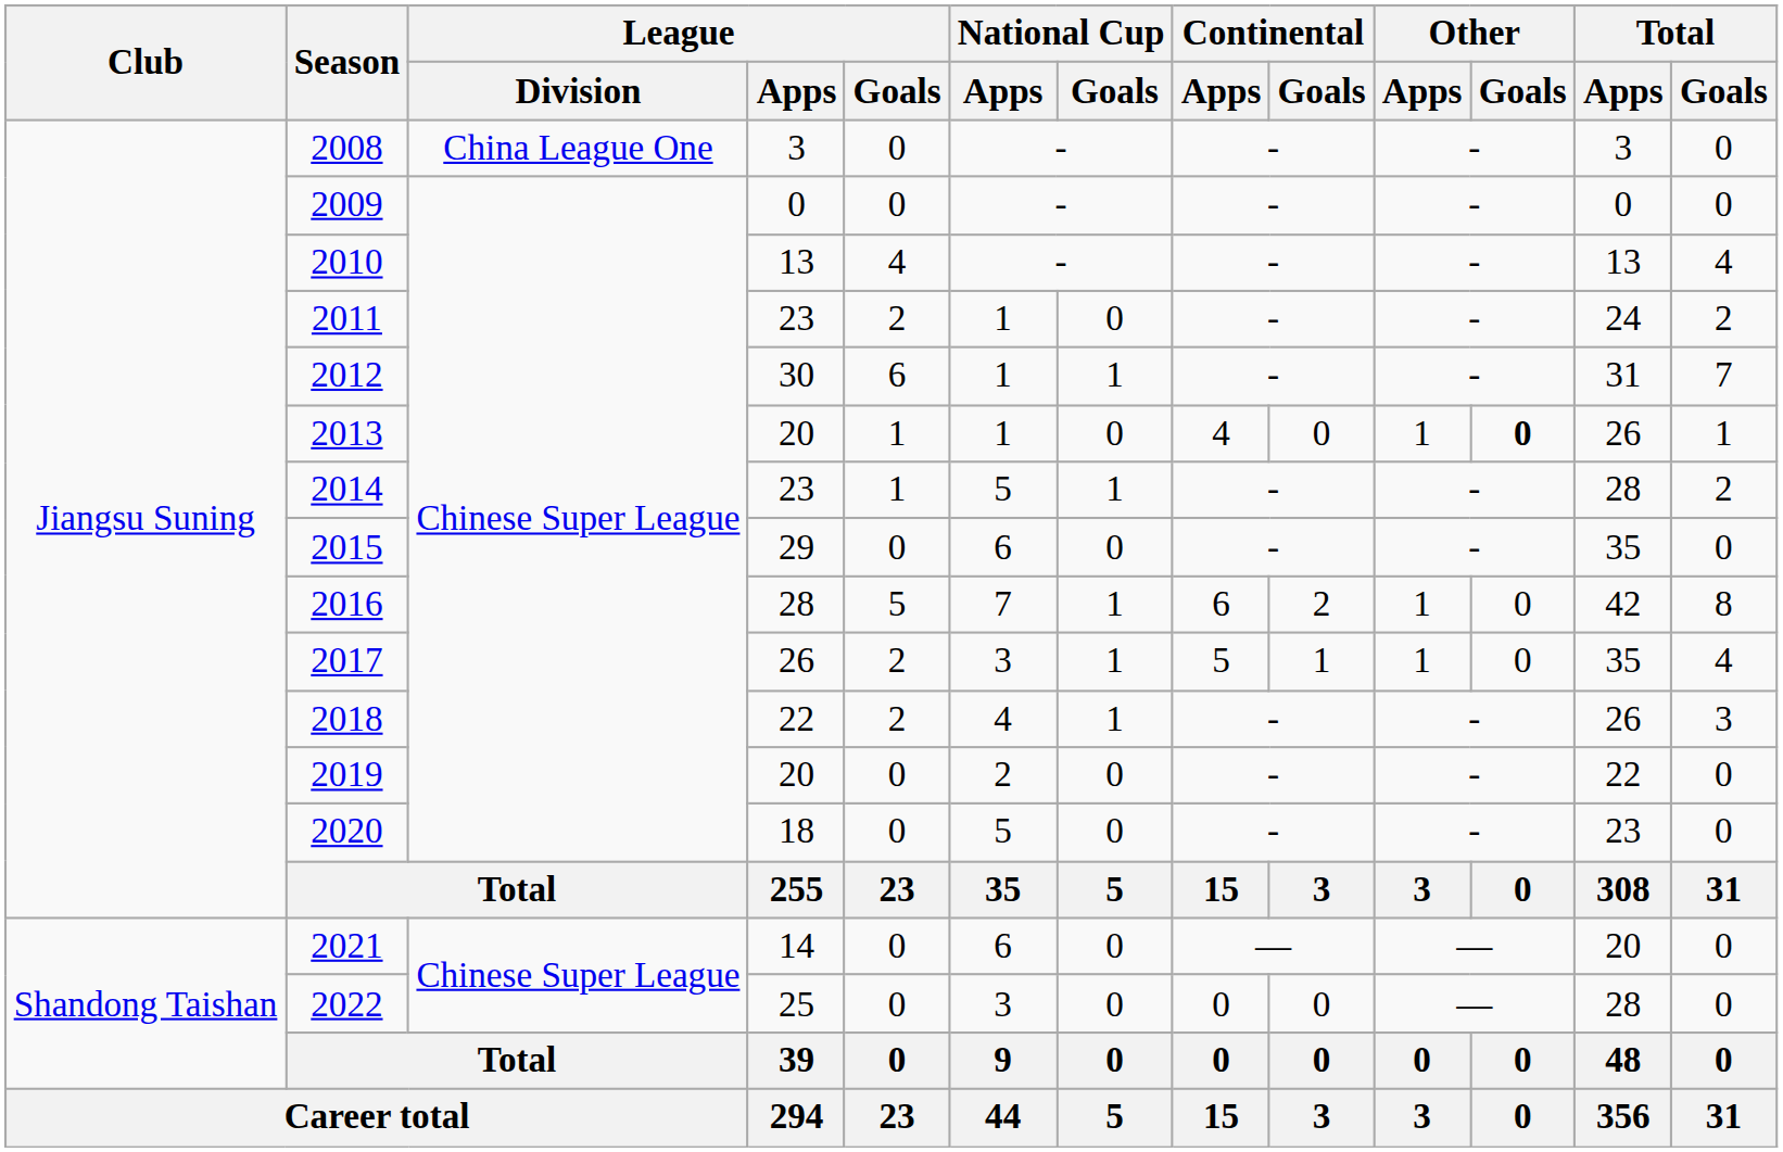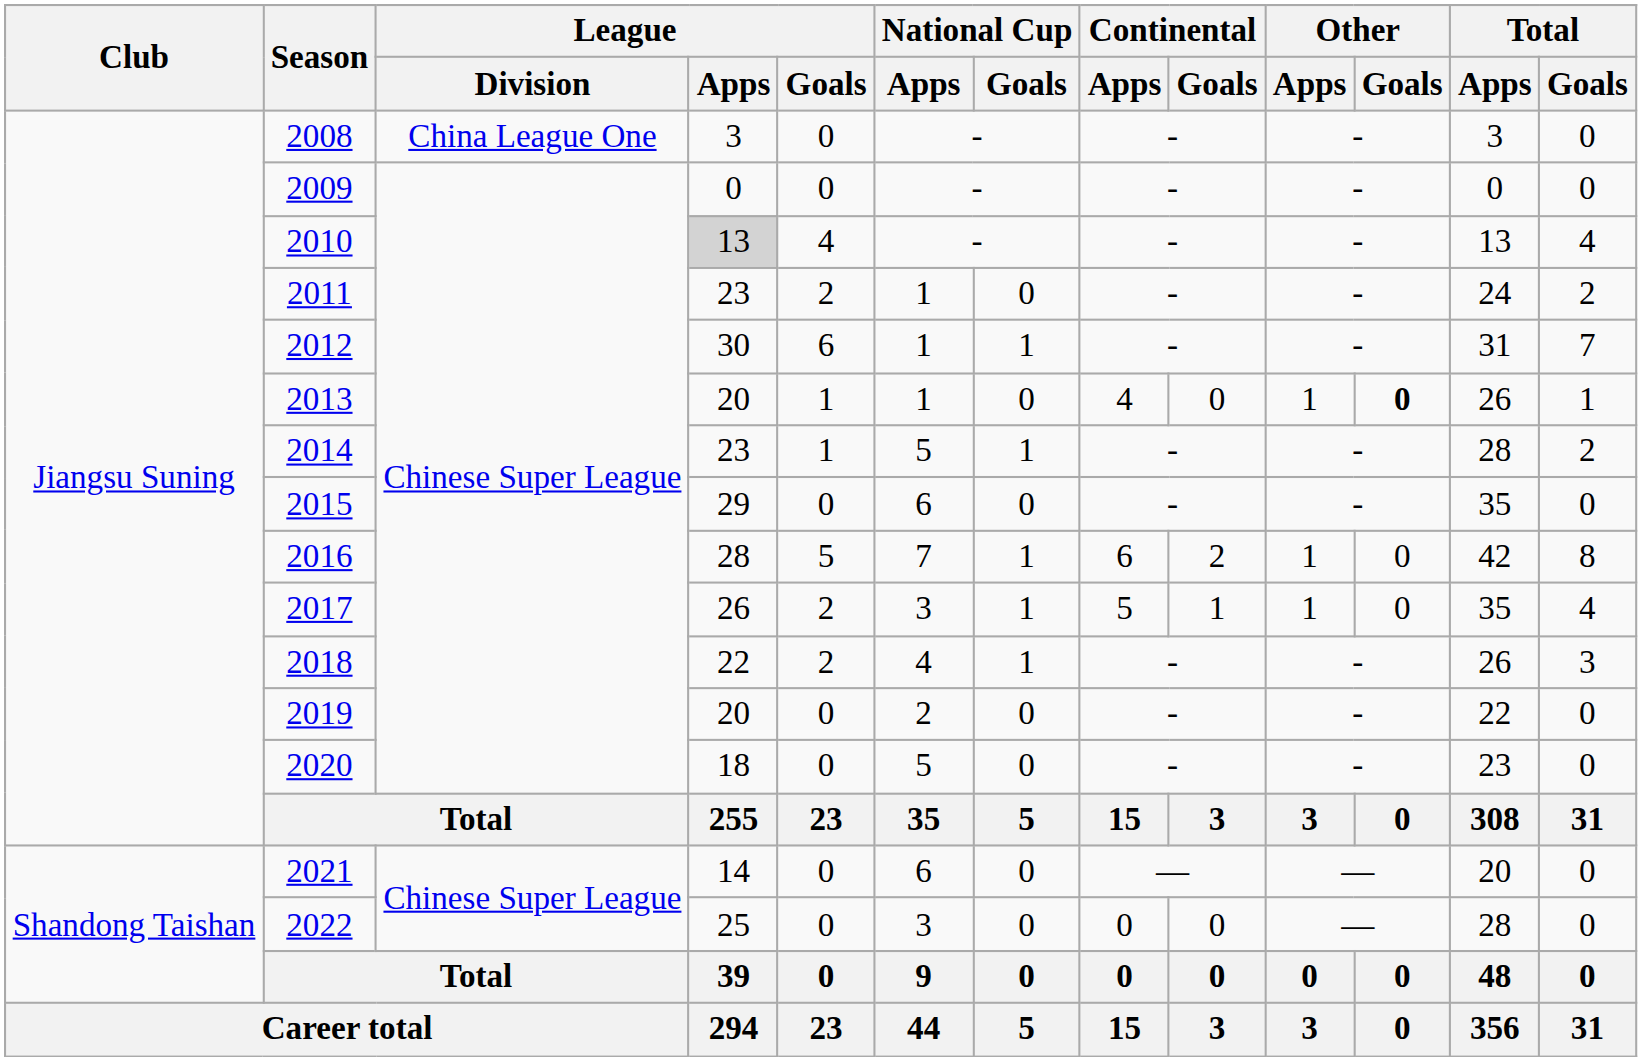 <table class="wikitable" style="text-align: center">
 <tr>
 <th rowspan="2">Club</th>
 <th rowspan="2">Season</th>
 <th colspan="3">League</th>
 <th colspan="2">National Cup</th>
 <th colspan="2">Continental</th>
 <th colspan="2">Other</th>
 <th colspan="2">Total</th>
 </tr>
 <tr>
 <th>Division</th>
 <th>Apps</th>
 <th>Goals</th>
 <th>Apps</th>
 <th>Goals</th>
 <th>Apps</th>
 <th>Goals</th>
 <th>Apps</th>
 <th>Goals</th>
 <th>Apps</th>
 <th>Goals</th>
 </tr>
 <tr>
 <td rowspan=14><a href='#'>Jiangsu Suning</a></td>
 <td><a href='#'>2008</a></td>
 <td><a href='#'>China League One</a></td>
 <td>3</td>
 <td>0</td>
 <td colspan="2">-</td>
 <td colspan="2">-</td>
 <td colspan="2">-</td>
 <td>3</td>
 <td>0</td>
 </tr>
 <tr>
 <td><a href='#'>2009</a></td>
 <td rowspan=12><a href='#'>Chinese Super League</a></td>
 <td>0</td>
 <td>0</td>
 <td colspan="2">-</td>
 <td colspan="2">-</td>
 <td colspan="2">-</td>
 <td>0</td>
 <td>0</td>
 </tr>
 <tr>
 <td><a href='#'>2010</a></td>
-<td>13</td>
+<td style="background: lightgrey;">13</td>
 <td>4</td>
 <td colspan="2">-</td>
 <td colspan="2">-</td>
 <td colspan="2">-</td>
 <td>13</td>
 <td>4</td>
 </tr>
 <tr>
 <td><a href='#'>2011</a></td>
 <td>23</td>
 <td>2</td>
 <td>1</td>
 <td>0</td>
 <td colspan="2">-</td>
 <td colspan="2">-</td>
 <td>24</td>
 <td>2</td>
 </tr>
 <tr>
 <td><a href='#'>2012</a></td>
 <td>30</td>
 <td>6</td>
 <td>1</td>
 <td>1</td>
 <td colspan="2">-</td>
 <td colspan="2">-</td>
 <td>31</td>
 <td>7</td>
 </tr>
 <tr>
 <td><a href='#'>2013</a></td>
 <td>20</td>
 <td>1</td>
 <td>1</td>
 <td>0</td>
 <td>4</td>
 <td>0</td>
 <td>1</td>
 <td><strong>0</strong></td>
 <td>26</td>
 <td>1</td>
 </tr>
 <tr>
 <td><a href='#'>2014</a></td>
 <td>23</td>
 <td>1</td>
 <td>5</td>
 <td>1</td>
 <td colspan="2">-</td>
 <td colspan="2">-</td>
 <td>28</td>
 <td>2</td>
 </tr>
 <tr>
 <td><a href='#'>2015</a></td>
 <td>29</td>
 <td>0</td>
 <td>6</td>
 <td>0</td>
 <td colspan="2">-</td>
 <td colspan="2">-</td>
 <td>35</td>
 <td>0</td>
 </tr>
 <tr>
 <td><a href='#'>2016</a></td>
 <td>28</td>
 <td>5</td>
 <td>7</td>
 <td>1</td>
 <td>6</td>
 <td>2</td>
 <td>1</td>
 <td>0</td>
 <td>42</td>
 <td>8</td>
 </tr>
 <tr>
 <td><a href='#'>2017</a></td>
 <td>26</td>
 <td>2</td>
 <td>3</td>
 <td>1</td>
 <td>5</td>
 <td>1</td>
 <td>1</td>
 <td>0</td>
 <td>35</td>
 <td>4</td>
 </tr>
 <tr>
 <td><a href='#'>2018</a></td>
 <td>22</td>
 <td>2</td>
 <td>4</td>
 <td>1</td>
 <td colspan="2">-</td>
 <td colspan="2">-</td>
 <td>26</td>
 <td>3</td>
 </tr>
 <tr>
 <td><a href='#'>2019</a></td>
 <td>20</td>
 <td>0</td>
 <td>2</td>
 <td>0</td>
 <td colspan="2">-</td>
 <td colspan="2">-</td>
 <td>22</td>
 <td>0</td>
 </tr>
 <tr>
 <td><a href='#'>2020</a></td>
 <td>18</td>
 <td>0</td>
 <td>5</td>
 <td>0</td>
 <td colspan="2">-</td>
 <td colspan="2">-</td>
 <td>23</td>
 <td>0</td>
 </tr>
 <tr>
 <th colspan="2"><strong>Total</strong></th>
 <th>255</th>
 <th>23</th>
 <th>35</th>
 <th>5</th>
 <th>15</th>
 <th>3</th>
 <th>3</th>
 <th>0</th>
 <th>308</th>
 <th>31</th>
 </tr>
 <tr>
 <td rowspan=3><a href='#'>Shandong Taishan</a></td>
 <td><a href='#'>2021</a></td>
 <td rowspan=2><a href='#'>Chinese Super League</a></td>
 <td>14</td>
 <td>0</td>
 <td>6</td>
 <td>0</td>
 <td colspan="2">—</td>
 <td colspan="2">—</td>
 <td>20</td>
 <td>0</td>
 </tr>
 <tr>
 <td><a href='#'>2022</a></td>
 <td>25</td>
 <td>0</td>
 <td>3</td>
 <td>0</td>
 <td>0</td>
 <td>0</td>
 <td colspan="2">—</td>
 <td>28</td>
 <td>0</td>
 </tr>
 <tr>
 <th colspan=2>Total</th>
 <th>39</th>
 <th>0</th>
 <th>9</th>
 <th>0</th>
 <th>0</th>
 <th>0</th>
 <th>0</th>
 <th>0</th>
 <th>48</th>
 <th>0</th>
 </tr>
 <tr>
 <th colspan=3>Career total</th>
 <th>294</th>
 <th>23</th>
 <th>44</th>
 <th>5</th>
 <th>15</th>
 <th>3</th>
 <th>3</th>
 <th>0</th>
 <th>356</th>
 <th>31</th>
 </tr>
 </table>
